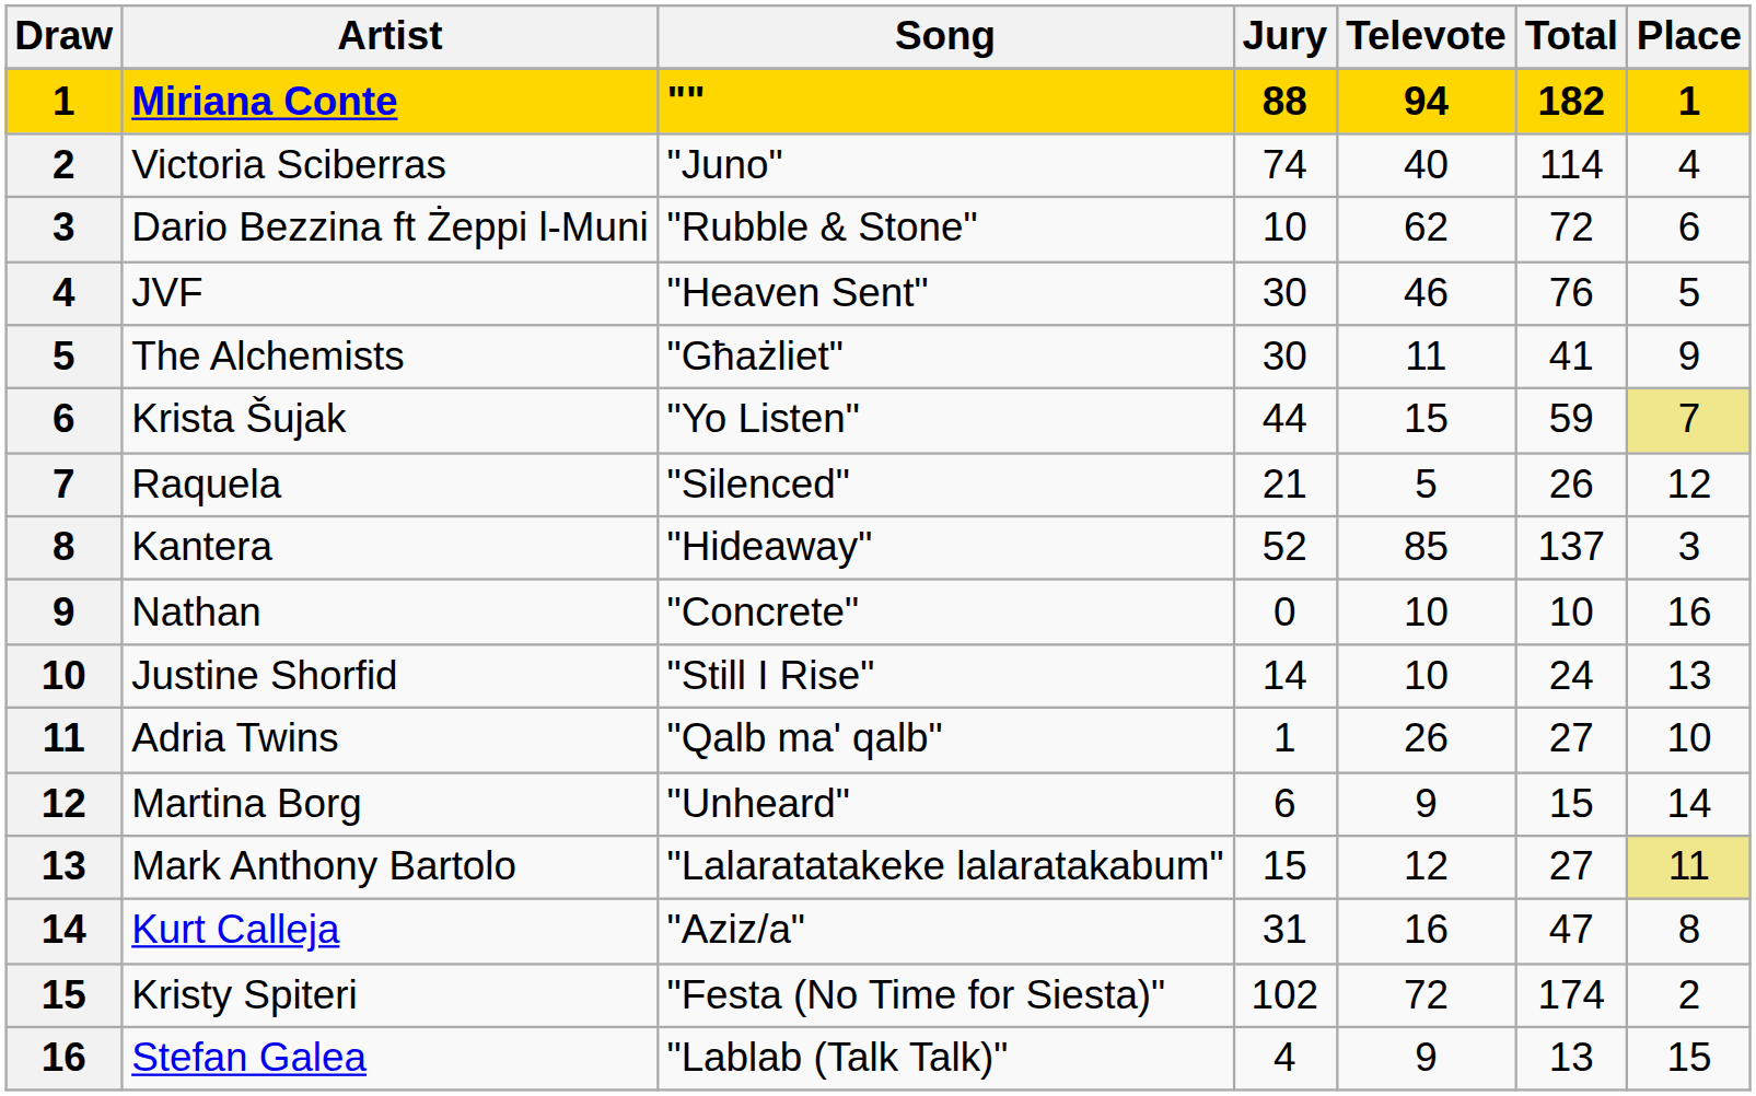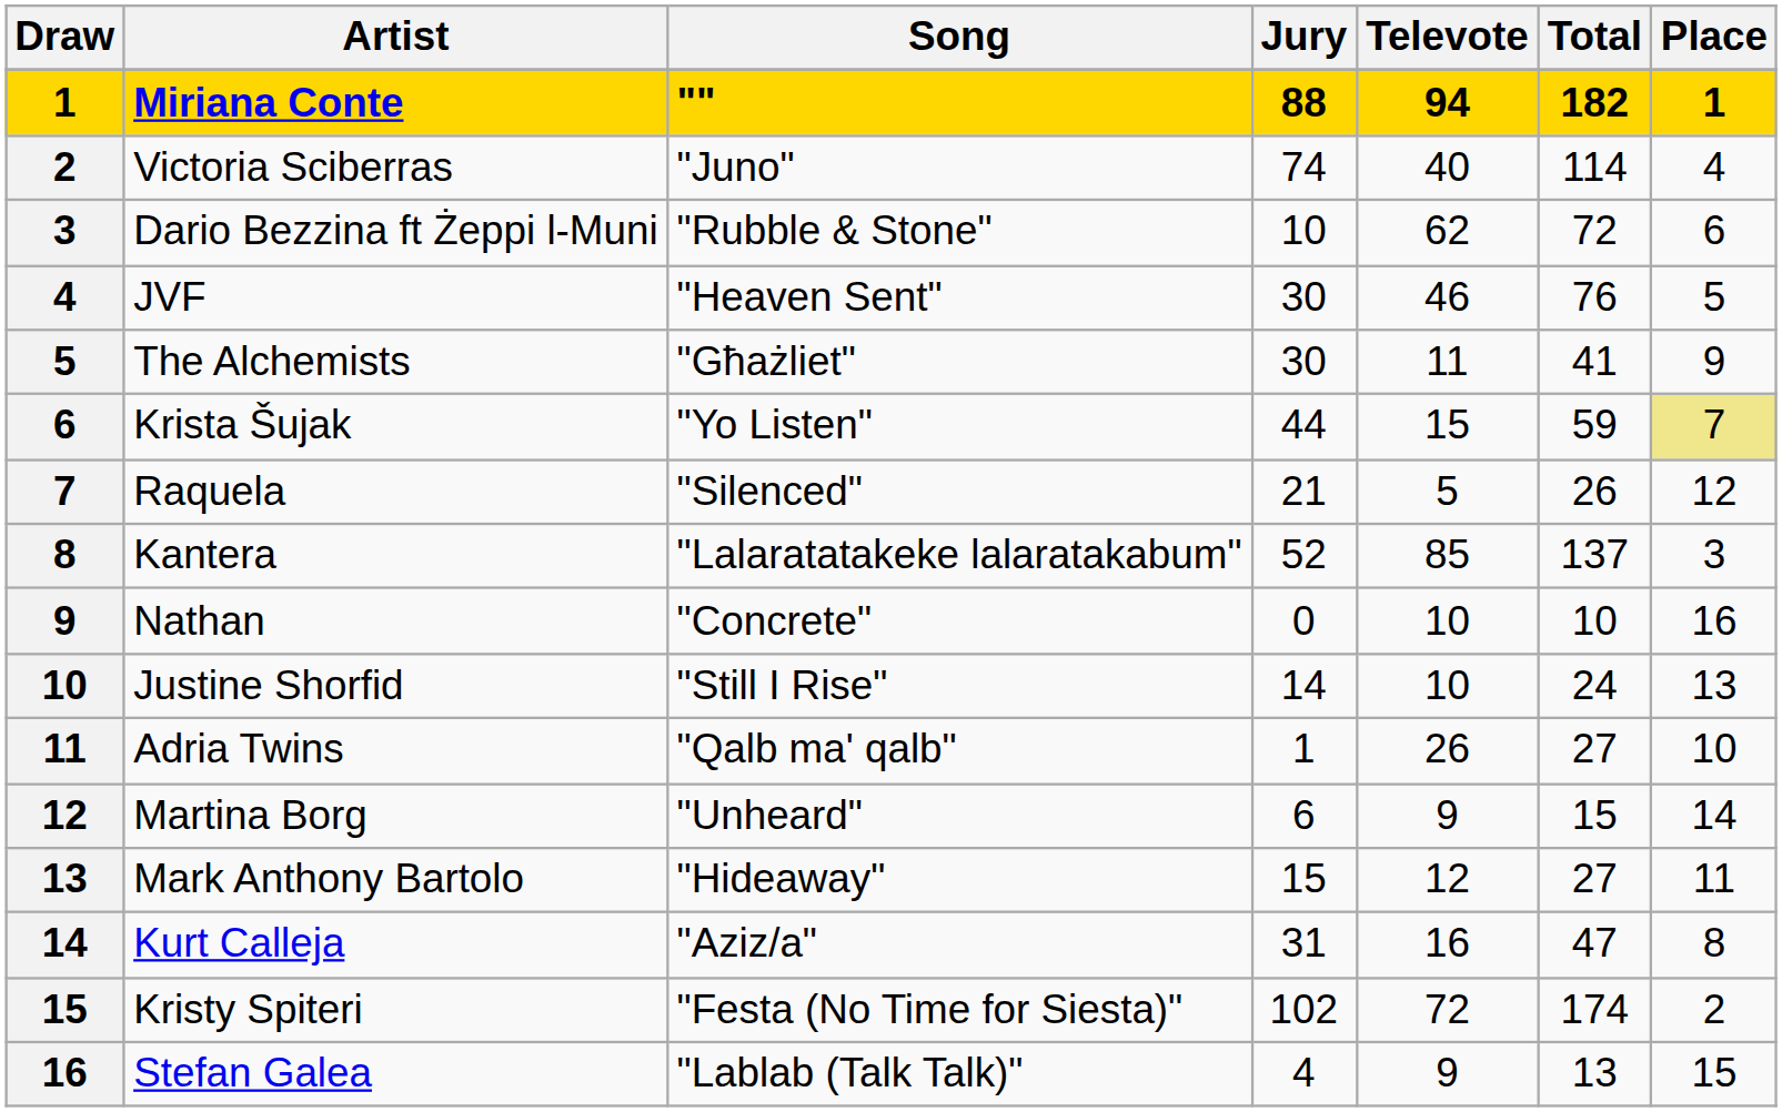 <table class="sortable wikitable plainrowheaders" style="margin: 1em auto 1em auto; text-align:center;">
 <tr>
 <th scope="col">Draw</th>
 <th scope="col">Artist</th>
 <th scope="col">Song</th>
 <th scope="col">Jury</th>
 <th scope="col">Televote</th>
 <th scope="col">Total</th>
 <th scope="col">Place</th>
 </tr>
 <tr>
 </tr>
 <tr style="font-weight:bold; background:gold;">
 <th scope="row" style="font-weight:bold; background: gold; text-align:center;">1</th>
 <td align="left"><a href='#'>Miriana Conte</a></td>
 <td align="left">""</td>
 <td>88</td>
 <td>94</td>
 <td>182</td>
 <td>1</td>
 </tr>
 <tr>
 <th scope="row" style="text-align:center;">2</th>
 <td align="left">Victoria Sciberras</td>
 <td align="left">"Juno"</td>
 <td>74</td>
 <td>40</td>
 <td>114</td>
 <td>4</td>
 </tr>
 <tr>
 <th scope="row" style="text-align:center;">3</th>
 <td align="left">Dario Bezzina ft Żeppi l-Muni</td>
 <td align="left">"Rubble & Stone"</td>
 <td>10</td>
 <td>62</td>
 <td>72</td>
 <td>6</td>
 </tr>
 <tr>
 <th scope="row" style="text-align:center;">4</th>
 <td align="left">JVF</td>
 <td align="left">"Heaven Sent"</td>
 <td>30</td>
 <td>46</td>
 <td>76</td>
 <td>5</td>
 </tr>
 <tr>
 <th scope="row" style="text-align:center;">5</th>
 <td align="left">The Alchemists</td>
 <td align="left">"Għażliet"</td>
 <td>30</td>
 <td>11</td>
 <td>41</td>
 <td>9</td>
 </tr>
 <tr>
 <th scope="row" style="text-align:center;">6</th>
 <td align="left">Krista Šujak</td>
 <td align="left">"Yo Listen"</td>
 <td>44</td>
 <td>15</td>
 <td>59</td>
 <td style="background: khaki;">7</td>
 </tr>
 <tr>
 <th scope="row" style="text-align:center;">7</th>
 <td align="left">Raquela</td>
 <td align="left">"Silenced"</td>
 <td>21</td>
 <td>5</td>
 <td>26</td>
 <td>12</td>
 </tr>
 <tr>
 <th scope="row" style="text-align:center;">8</th>
 <td align="left">Kantera</td>
-<td align="left">"Hideaway"</td>
+<td align="left">"Lalaratatakeke lalaratakabum"</td>
 <td>52</td>
 <td>85</td>
 <td>137</td>
 <td>3</td>
 </tr>
 <tr>
 <th scope="row" style="text-align:center;">9</th>
 <td align="left">Nathan</td>
 <td align="left">"Concrete"</td>
 <td>0</td>
 <td>10</td>
 <td>10</td>
 <td>16</td>
 </tr>
 <tr>
 <th scope="row" style="text-align:center;">10</th>
 <td align="left">Justine Shorfid</td>
 <td align="left">"Still I Rise"</td>
 <td>14</td>
 <td>10</td>
 <td>24</td>
 <td>13</td>
 </tr>
 <tr>
 <th scope="row" style="text-align:center;">11</th>
 <td align="left">Adria Twins</td>
 <td align="left">"Qalb ma' qalb"</td>
 <td>1</td>
 <td>26</td>
 <td>27</td>
 <td>10</td>
 </tr>
 <tr>
 <th scope="row" style="text-align:center;">12</th>
 <td align="left">Martina Borg</td>
 <td align="left">"Unheard"</td>
 <td>6</td>
 <td>9</td>
 <td>15</td>
 <td>14</td>
 </tr>
 <tr>
 <th scope="row" style="text-align:center;">13</th>
 <td align="left">Mark Anthony Bartolo</td>
-<td align="left">"Lalaratatakeke lalaratakabum"</td>
+<td align="left">"Hideaway"</td>
 <td>15</td>
 <td>12</td>
 <td>27</td>
-<td style="background: khaki;">11</td>
+<td>11</td>
 </tr>
 <tr>
 <th scope="row" style="text-align:center;">14</th>
 <td align="left"><a href='#'>Kurt Calleja</a></td>
 <td align="left">"Aziz/a"</td>
 <td>31</td>
 <td>16</td>
 <td>47</td>
 <td>8</td>
 </tr>
 <tr>
 <th scope="row" style="text-align:center;">15</th>
 <td align="left">Kristy Spiteri</td>
 <td align="left">"Festa (No Time for Siesta)"</td>
 <td>102</td>
 <td>72</td>
 <td>174</td>
 <td>2</td>
 </tr>
 <tr>
 <th scope="row" style="text-align:center;">16</th>
 <td align="left"><a href='#'>Stefan Galea</a></td>
 <td align="left">"Lablab (Talk Talk)"</td>
 <td>4</td>
 <td>9</td>
 <td>13</td>
 <td>15</td>
 </tr>
 </table>
